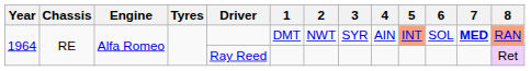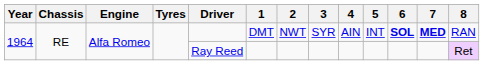 <table class="wikitable" style="text-align:center; font-size:95%">
 <tr>
 <th>Year</th>
 <th>Chassis</th>
 <th>Engine</th>
 <th>Tyres</th>
 <th>Driver</th>
 <th>1</th>
 <th>2</th>
 <th>3</th>
 <th>4</th>
 <th>5</th>
 <th>6</th>
 <th>7</th>
 <th>8</th>
 </tr>
 <tr>
 <td rowspan="2"><a href='#'>1964</a></td>
 <td rowspan="2">RE</td>
 <td rowspan="2"><a href='#'>Alfa Romeo</a></td>
 <td rowspan="2"></td>
 <td></td>
 <td><a href='#'>DMT</a></td>
 <td><a href='#'>NWT</a></td>
 <td><a href='#'>SYR</a></td>
 <td><a href='#'>AIN</a></td>
-<td style="background: lightsalmon;"><a href='#'>INT</a></td>
-<td><a href='#'>SOL</a></td>
+<td><a href='#'>INT</a></td>
+<td><strong><a href='#'>SOL</a></strong></td>
 <td><strong><a href='#'>MED</a></strong></td>
-<td style="background: lightsalmon;"><a href='#'>RAN</a></td>
+<td><a href='#'>RAN</a></td>
 </tr>
 <tr>
 <td><a href='#'>Ray Reed</a></td>
 <td></td>
 <td></td>
 <td></td>
 <td></td>
 <td></td>
 <td></td>
 <td></td>
 <td style="background:#EFCFFF;">Ret</td>
 </tr>
 </table>
